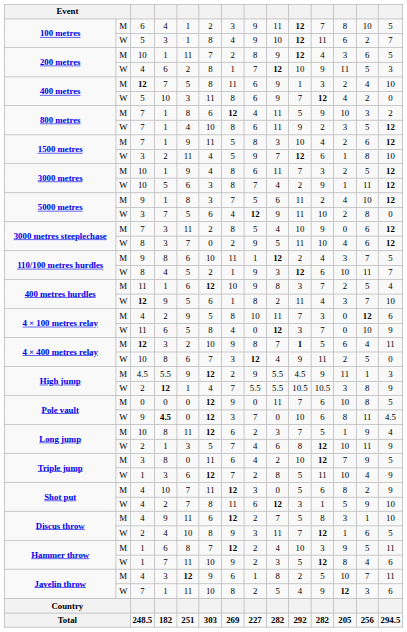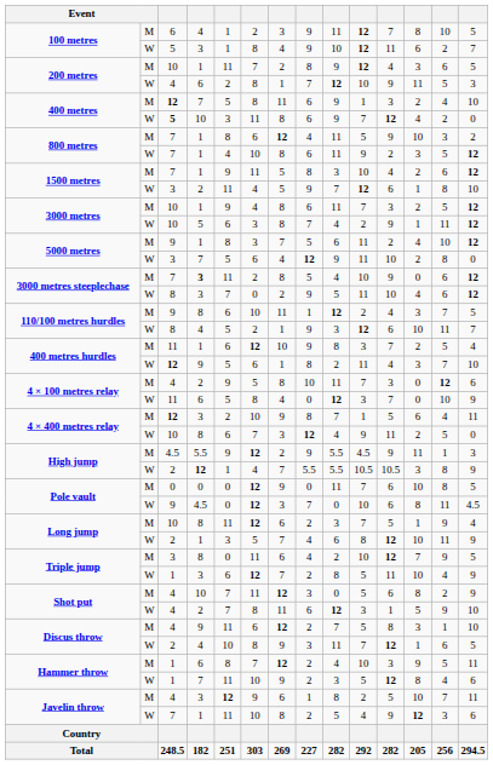 <table class="wikitable" style="background-color: #f9f9f9; font-size: 90%; text-align: center">
 <tr>
 <th width=200 colspan=2>Event</th>
 <th width=30></th>
 <th width=30></th>
 <th width=30></th>
 <th width=30></th>
 <th width=30></th>
 <th width=30></th>
 <th width=30></th>
 <th width=30></th>
 <th width=30></th>
 <th width=30></th>
 <th width=30></th>
 <th width=30></th>
 </tr>
 <tr>
 <td rowspan=2><strong><a href='#'>100 metres</a></strong></td>
 <td>M</td>
 <td>6</td>
 <td>4</td>
 <td>1</td>
 <td>2</td>
 <td>3</td>
 <td>9</td>
 <td>11</td>
 <td><strong>12</strong></td>
 <td>7</td>
 <td>8</td>
 <td>10</td>
 <td>5</td>
 </tr>
 <tr>
 <td>W</td>
 <td>5</td>
 <td>3</td>
 <td>1</td>
 <td>8</td>
 <td>4</td>
 <td>9</td>
 <td>10</td>
 <td><strong>12</strong></td>
 <td>11</td>
 <td>6</td>
 <td>2</td>
 <td>7</td>
 </tr>
 <tr>
 <td rowspan=2><strong><a href='#'>200 metres</a></strong></td>
 <td>M</td>
 <td>10</td>
 <td>1</td>
 <td>11</td>
 <td>7</td>
 <td>2</td>
 <td>8</td>
 <td>9</td>
 <td><strong>12</strong></td>
 <td>4</td>
 <td>3</td>
 <td>6</td>
 <td>5</td>
 </tr>
 <tr>
 <td>W</td>
 <td>4</td>
 <td>6</td>
 <td>2</td>
 <td>8</td>
 <td>1</td>
 <td>7</td>
 <td><strong>12</strong></td>
 <td>10</td>
 <td>9</td>
 <td>11</td>
 <td>5</td>
 <td>3</td>
 </tr>
 <tr>
 <td rowspan=2><strong><a href='#'>400 metres</a></strong></td>
 <td>M</td>
 <td><strong>12</strong></td>
 <td>7</td>
 <td>5</td>
 <td>8</td>
 <td>11</td>
 <td>6</td>
 <td>9</td>
 <td>1</td>
 <td>3</td>
 <td>2</td>
 <td>4</td>
 <td>10</td>
 </tr>
 <tr>
 <td>W</td>
-<td>5</td>
+<td><strong>5</strong></td>
 <td>10</td>
 <td>3</td>
 <td>11</td>
 <td>8</td>
 <td>6</td>
 <td>9</td>
 <td>7</td>
 <td><strong>12</strong></td>
 <td>4</td>
 <td>2</td>
 <td>0</td>
 </tr>
 <tr>
 <td rowspan=2><strong><a href='#'>800 metres</a></strong></td>
 <td>M</td>
 <td>7</td>
 <td>1</td>
 <td>8</td>
 <td>6</td>
 <td><strong>12</strong></td>
 <td>4</td>
 <td>11</td>
 <td>5</td>
 <td>9</td>
 <td>10</td>
 <td>3</td>
 <td>2</td>
 </tr>
 <tr>
 <td>W</td>
 <td>7</td>
 <td>1</td>
 <td>4</td>
 <td>10</td>
 <td>8</td>
 <td>6</td>
 <td>11</td>
 <td>9</td>
 <td>2</td>
 <td>3</td>
 <td>5</td>
 <td><strong>12</strong></td>
 </tr>
 <tr>
 <td rowspan=2><strong><a href='#'>1500 metres</a></strong></td>
 <td>M</td>
 <td>7</td>
 <td>1</td>
 <td>9</td>
 <td>11</td>
 <td>5</td>
 <td>8</td>
 <td>3</td>
 <td>10</td>
 <td>4</td>
 <td>2</td>
 <td>6</td>
 <td><strong>12</strong></td>
 </tr>
 <tr>
 <td>W</td>
 <td>3</td>
 <td>2</td>
 <td>11</td>
 <td>4</td>
 <td>5</td>
 <td>9</td>
 <td>7</td>
 <td><strong>12</strong></td>
 <td>6</td>
 <td>1</td>
 <td>8</td>
 <td>10</td>
 </tr>
 <tr>
 <td rowspan=2><strong><a href='#'>3000 metres</a></strong></td>
 <td>M</td>
 <td>10</td>
 <td>1</td>
 <td>9</td>
 <td>4</td>
 <td>8</td>
 <td>6</td>
 <td>11</td>
 <td>7</td>
 <td>3</td>
 <td>2</td>
 <td>5</td>
 <td><strong>12</strong></td>
 </tr>
 <tr>
 <td>W</td>
 <td>10</td>
 <td>5</td>
 <td>6</td>
 <td>3</td>
 <td>8</td>
 <td>7</td>
 <td>4</td>
 <td>2</td>
 <td>9</td>
 <td>1</td>
 <td>11</td>
 <td><strong>12</strong></td>
 </tr>
 <tr>
 <td rowspan=2><strong><a href='#'>5000 metres</a></strong></td>
 <td>M</td>
 <td>9</td>
 <td>1</td>
 <td>8</td>
 <td>3</td>
 <td>7</td>
 <td>5</td>
 <td>6</td>
 <td>11</td>
 <td>2</td>
 <td>4</td>
 <td>10</td>
 <td><strong>12</strong></td>
 </tr>
 <tr>
 <td>W</td>
 <td>3</td>
 <td>7</td>
 <td>5</td>
 <td>6</td>
 <td>4</td>
 <td><strong>12</strong></td>
 <td>9</td>
 <td>11</td>
 <td>10</td>
 <td>2</td>
 <td>8</td>
 <td>0</td>
 </tr>
 <tr>
 <td rowspan=2><strong><a href='#'>3000 metres steeplechase</a></strong></td>
 <td>M</td>
 <td>7</td>
-<td>3</td>
+<td><strong>3</strong></td>
 <td>11</td>
 <td>2</td>
 <td>8</td>
 <td>5</td>
 <td>4</td>
 <td>10</td>
 <td>9</td>
 <td>0</td>
 <td>6</td>
 <td><strong>12</strong></td>
 </tr>
 <tr>
 <td>W</td>
 <td>8</td>
 <td>3</td>
 <td>7</td>
 <td>0</td>
 <td>2</td>
 <td>9</td>
 <td>5</td>
 <td>11</td>
 <td>10</td>
 <td>4</td>
 <td>6</td>
 <td><strong>12</strong></td>
 </tr>
 <tr>
 <td rowspan=2><strong><a href='#'>110/100 metres hurdles</a></strong></td>
 <td>M</td>
 <td>9</td>
 <td>8</td>
 <td>6</td>
 <td>10</td>
 <td>11</td>
 <td>1</td>
 <td><strong>12</strong></td>
 <td>2</td>
 <td>4</td>
 <td>3</td>
 <td>7</td>
 <td>5</td>
 </tr>
 <tr>
 <td>W</td>
 <td>8</td>
 <td>4</td>
 <td>5</td>
 <td>2</td>
 <td>1</td>
 <td>9</td>
 <td>3</td>
 <td><strong>12</strong></td>
 <td>6</td>
 <td>10</td>
 <td>11</td>
 <td>7</td>
 </tr>
 <tr>
 <td rowspan=2><strong><a href='#'>400 metres hurdles</a></strong></td>
 <td>M</td>
 <td>11</td>
 <td>1</td>
 <td>6</td>
 <td><strong>12</strong></td>
 <td>10</td>
 <td>9</td>
 <td>8</td>
 <td>3</td>
 <td>7</td>
 <td>2</td>
 <td>5</td>
 <td>4</td>
 </tr>
 <tr>
 <td>W</td>
 <td><strong>12</strong></td>
 <td>9</td>
 <td>5</td>
 <td>6</td>
 <td>1</td>
 <td>8</td>
 <td>2</td>
 <td>11</td>
 <td>4</td>
 <td>3</td>
 <td>7</td>
 <td>10</td>
 </tr>
 <tr>
 <td rowspan=2><strong><a href='#'>4 × 100 metres relay</a></strong></td>
 <td>M</td>
 <td>4</td>
 <td>2</td>
 <td>9</td>
 <td>5</td>
 <td>8</td>
 <td>10</td>
 <td>11</td>
 <td>7</td>
 <td>3</td>
 <td>0</td>
 <td><strong>12</strong></td>
 <td>6</td>
 </tr>
 <tr>
 <td>W</td>
 <td>11</td>
 <td>6</td>
 <td>5</td>
 <td>8</td>
 <td>4</td>
 <td>0</td>
 <td><strong>12</strong></td>
 <td>3</td>
 <td>7</td>
 <td>0</td>
 <td>10</td>
 <td>9</td>
 </tr>
 <tr>
 <td rowspan=2><strong><a href='#'>4 × 400 metres relay</a></strong></td>
 <td>M</td>
 <td><strong>12</strong></td>
 <td>3</td>
 <td>2</td>
 <td>10</td>
 <td>9</td>
 <td>8</td>
 <td>7</td>
-<td><strong>1</strong></td>
+<td>1</td>
 <td>5</td>
 <td>6</td>
 <td>4</td>
 <td>11</td>
 </tr>
 <tr>
 <td>W</td>
 <td>10</td>
 <td>8</td>
 <td>6</td>
 <td>7</td>
 <td>3</td>
 <td><strong>12</strong></td>
 <td>4</td>
 <td>9</td>
 <td>11</td>
 <td>2</td>
 <td>5</td>
 <td>0</td>
 </tr>
 <tr>
 <td rowspan=2><strong><a href='#'>High jump</a></strong></td>
 <td>M</td>
 <td>4.5</td>
 <td>5.5</td>
 <td>9</td>
 <td><strong>12</strong></td>
 <td>2</td>
 <td>9</td>
 <td>5.5</td>
 <td>4.5</td>
 <td>9</td>
 <td>11</td>
 <td>1</td>
 <td>3</td>
 </tr>
 <tr>
 <td>W</td>
 <td>2</td>
 <td><strong>12</strong></td>
 <td>1</td>
 <td>4</td>
 <td>7</td>
 <td>5.5</td>
 <td>5.5</td>
 <td>10.5</td>
 <td>10.5</td>
 <td>3</td>
 <td>8</td>
 <td>9</td>
 </tr>
 <tr>
 <td rowspan=2><strong><a href='#'>Pole vault</a></strong></td>
 <td>M</td>
 <td>0</td>
 <td>0</td>
 <td>0</td>
 <td><strong>12</strong></td>
 <td>9</td>
 <td>0</td>
 <td>11</td>
 <td>7</td>
 <td>6</td>
 <td>10</td>
 <td>8</td>
 <td>5</td>
 </tr>
 <tr>
 <td>W</td>
 <td>9</td>
-<td><strong>4.5</strong></td>
+<td>4.5</td>
 <td>0</td>
 <td><strong>12</strong></td>
 <td>3</td>
 <td>7</td>
 <td>0</td>
 <td>10</td>
 <td>6</td>
 <td>8</td>
 <td>11</td>
 <td>4.5</td>
 </tr>
 <tr>
 <td rowspan=2><strong><a href='#'>Long jump</a></strong></td>
 <td>M</td>
 <td>10</td>
 <td>8</td>
 <td>11</td>
 <td><strong>12</strong></td>
 <td>6</td>
 <td>2</td>
 <td>3</td>
 <td>7</td>
 <td>5</td>
 <td>1</td>
 <td>9</td>
 <td>4</td>
 </tr>
 <tr>
 <td>W</td>
 <td>2</td>
 <td>1</td>
 <td>3</td>
 <td>5</td>
 <td>7</td>
 <td>4</td>
 <td>6</td>
 <td>8</td>
 <td><strong>12</strong></td>
 <td>10</td>
 <td>11</td>
 <td>9</td>
 </tr>
 <tr>
 <td rowspan=2><strong><a href='#'>Triple jump</a></strong></td>
 <td>M</td>
 <td>3</td>
 <td>8</td>
 <td>0</td>
 <td>11</td>
 <td>6</td>
 <td>4</td>
 <td>2</td>
 <td>10</td>
 <td><strong>12</strong></td>
 <td>7</td>
 <td>9</td>
 <td>5</td>
 </tr>
 <tr>
 <td>W</td>
 <td>1</td>
 <td>3</td>
 <td>6</td>
 <td><strong>12</strong></td>
 <td>7</td>
 <td>2</td>
 <td>8</td>
 <td>5</td>
 <td>11</td>
 <td>10</td>
 <td>4</td>
 <td>9</td>
 </tr>
 <tr>
 <td rowspan=2><strong><a href='#'>Shot put</a></strong></td>
 <td>M</td>
 <td>4</td>
 <td>10</td>
 <td>7</td>
 <td>11</td>
 <td><strong>12</strong></td>
 <td>3</td>
 <td>0</td>
 <td>5</td>
 <td>6</td>
 <td>8</td>
 <td>2</td>
 <td>9</td>
 </tr>
 <tr>
 <td>W</td>
 <td>4</td>
 <td>2</td>
 <td>7</td>
 <td>8</td>
 <td>11</td>
 <td>6</td>
 <td><strong>12</strong></td>
 <td>3</td>
 <td>1</td>
 <td>5</td>
 <td>9</td>
 <td>10</td>
 </tr>
 <tr>
 <td rowspan=2><strong><a href='#'>Discus throw</a></strong></td>
 <td>M</td>
 <td>4</td>
 <td>9</td>
 <td>11</td>
 <td>6</td>
 <td><strong>12</strong></td>
 <td>2</td>
 <td>7</td>
 <td>5</td>
 <td>8</td>
 <td>3</td>
 <td>1</td>
 <td>10</td>
 </tr>
 <tr>
 <td>W</td>
 <td>2</td>
 <td>4</td>
 <td>10</td>
 <td>8</td>
 <td>9</td>
 <td>3</td>
 <td>11</td>
 <td>7</td>
 <td><strong>12</strong></td>
 <td>1</td>
 <td>6</td>
 <td>5</td>
 </tr>
 <tr>
 <td rowspan=2><strong><a href='#'>Hammer throw</a></strong></td>
 <td>M</td>
 <td>1</td>
 <td>6</td>
 <td>8</td>
 <td>7</td>
 <td><strong>12</strong></td>
 <td>2</td>
 <td>4</td>
 <td>10</td>
 <td>3</td>
 <td>9</td>
 <td>5</td>
 <td>11</td>
 </tr>
 <tr>
 <td>W</td>
 <td>1</td>
 <td>7</td>
 <td>11</td>
 <td>10</td>
 <td>9</td>
 <td>2</td>
 <td>3</td>
 <td>5</td>
 <td><strong>12</strong></td>
 <td>8</td>
 <td>4</td>
 <td>6</td>
 </tr>
 <tr>
 <td rowspan=2><strong><a href='#'>Javelin throw</a></strong></td>
 <td>M</td>
 <td>4</td>
 <td>3</td>
 <td><strong>12</strong></td>
 <td>9</td>
 <td>6</td>
 <td>1</td>
 <td>8</td>
 <td>2</td>
 <td>5</td>
 <td>10</td>
 <td>7</td>
 <td>11</td>
 </tr>
 <tr>
 <td>W</td>
 <td>7</td>
 <td>1</td>
 <td>11</td>
 <td>10</td>
 <td>8</td>
 <td>2</td>
 <td>5</td>
 <td>4</td>
 <td>9</td>
 <td><strong>12</strong></td>
 <td>3</td>
 <td>6</td>
 </tr>
 <tr>
 <th colspan=2>Country</th>
 <th></th>
 <th></th>
 <th></th>
 <th></th>
 <th></th>
 <th></th>
 <th></th>
 <th></th>
 <th></th>
 <th></th>
 <th></th>
 <th></th>
 </tr>
 <tr>
 <th colspan=2>Total</th>
 <td><strong>248.5</strong></td>
 <td><strong>182</strong></td>
 <td><strong>251</strong></td>
 <td><strong>303</strong></td>
 <td><strong>269</strong></td>
 <td><strong>227</strong></td>
 <td><strong>282</strong></td>
 <td><strong>292</strong></td>
 <td><strong>282</strong></td>
 <td><strong>205</strong></td>
 <td><strong>256</strong></td>
 <td><strong>294.5</strong></td>
 </tr>
 </table>
